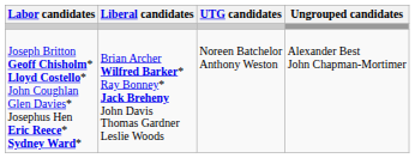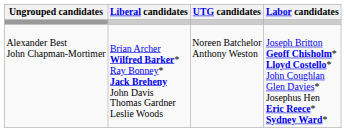 <table class="wikitable">
 <tr>
-<th><a href='#'>Labor</a> candidates</th>
+<th>Ungrouped candidates</th>
 <th><a href='#'>Liberal</a> candidates</th>
 <th><a href='#'>UTG</a> candidates</th>
-<th>Ungrouped candidates</th>
+<th><a href='#'>Labor</a> candidates</th>
 </tr>
 <tr bgcolor="#cccccc">
+<td bgcolor="#999999"></td>
 <td></td>
 <td></td>
 <td></td>
-<td bgcolor="#999999"></td>
 </tr>
 <tr>
-<td><br><a href='#'>Joseph Britton</a><br> <strong><a href='#'>Geoff Chisholm</a></strong>*<br> <strong><a href='#'>Lloyd Costello</a></strong>*<br> <a href='#'>John Coughlan</a><br> <a href='#'>Glen Davies</a>*<br> Josephus Hen<br> <strong><a href='#'>Eric Reece</a></strong>*<br> <strong><a href='#'>Sydney Ward</a></strong>*</td>
+<td valign=top><br>Alexander Best<br> John Chapman-Mortimer</td>
 <td><br><a href='#'>Brian Archer</a><br> <strong><a href='#'>Wilfred Barker</a></strong>*<br> <a href='#'>Ray Bonney</a>*<br> <strong><a href='#'>Jack Breheny</a></strong><br> John Davis<br> Thomas Gardner<br> Leslie Woods</td>
 <td valign=top><br>Noreen Batchelor<br> Anthony Weston</td>
-<td valign=top><br>Alexander Best<br> John Chapman-Mortimer</td>
+<td><br><a href='#'>Joseph Britton</a><br> <strong><a href='#'>Geoff Chisholm</a></strong>*<br> <strong><a href='#'>Lloyd Costello</a></strong>*<br> <a href='#'>John Coughlan</a><br> <a href='#'>Glen Davies</a>*<br> Josephus Hen<br> <strong><a href='#'>Eric Reece</a></strong>*<br> <strong><a href='#'>Sydney Ward</a></strong>*</td>
 </tr>
 </table>
